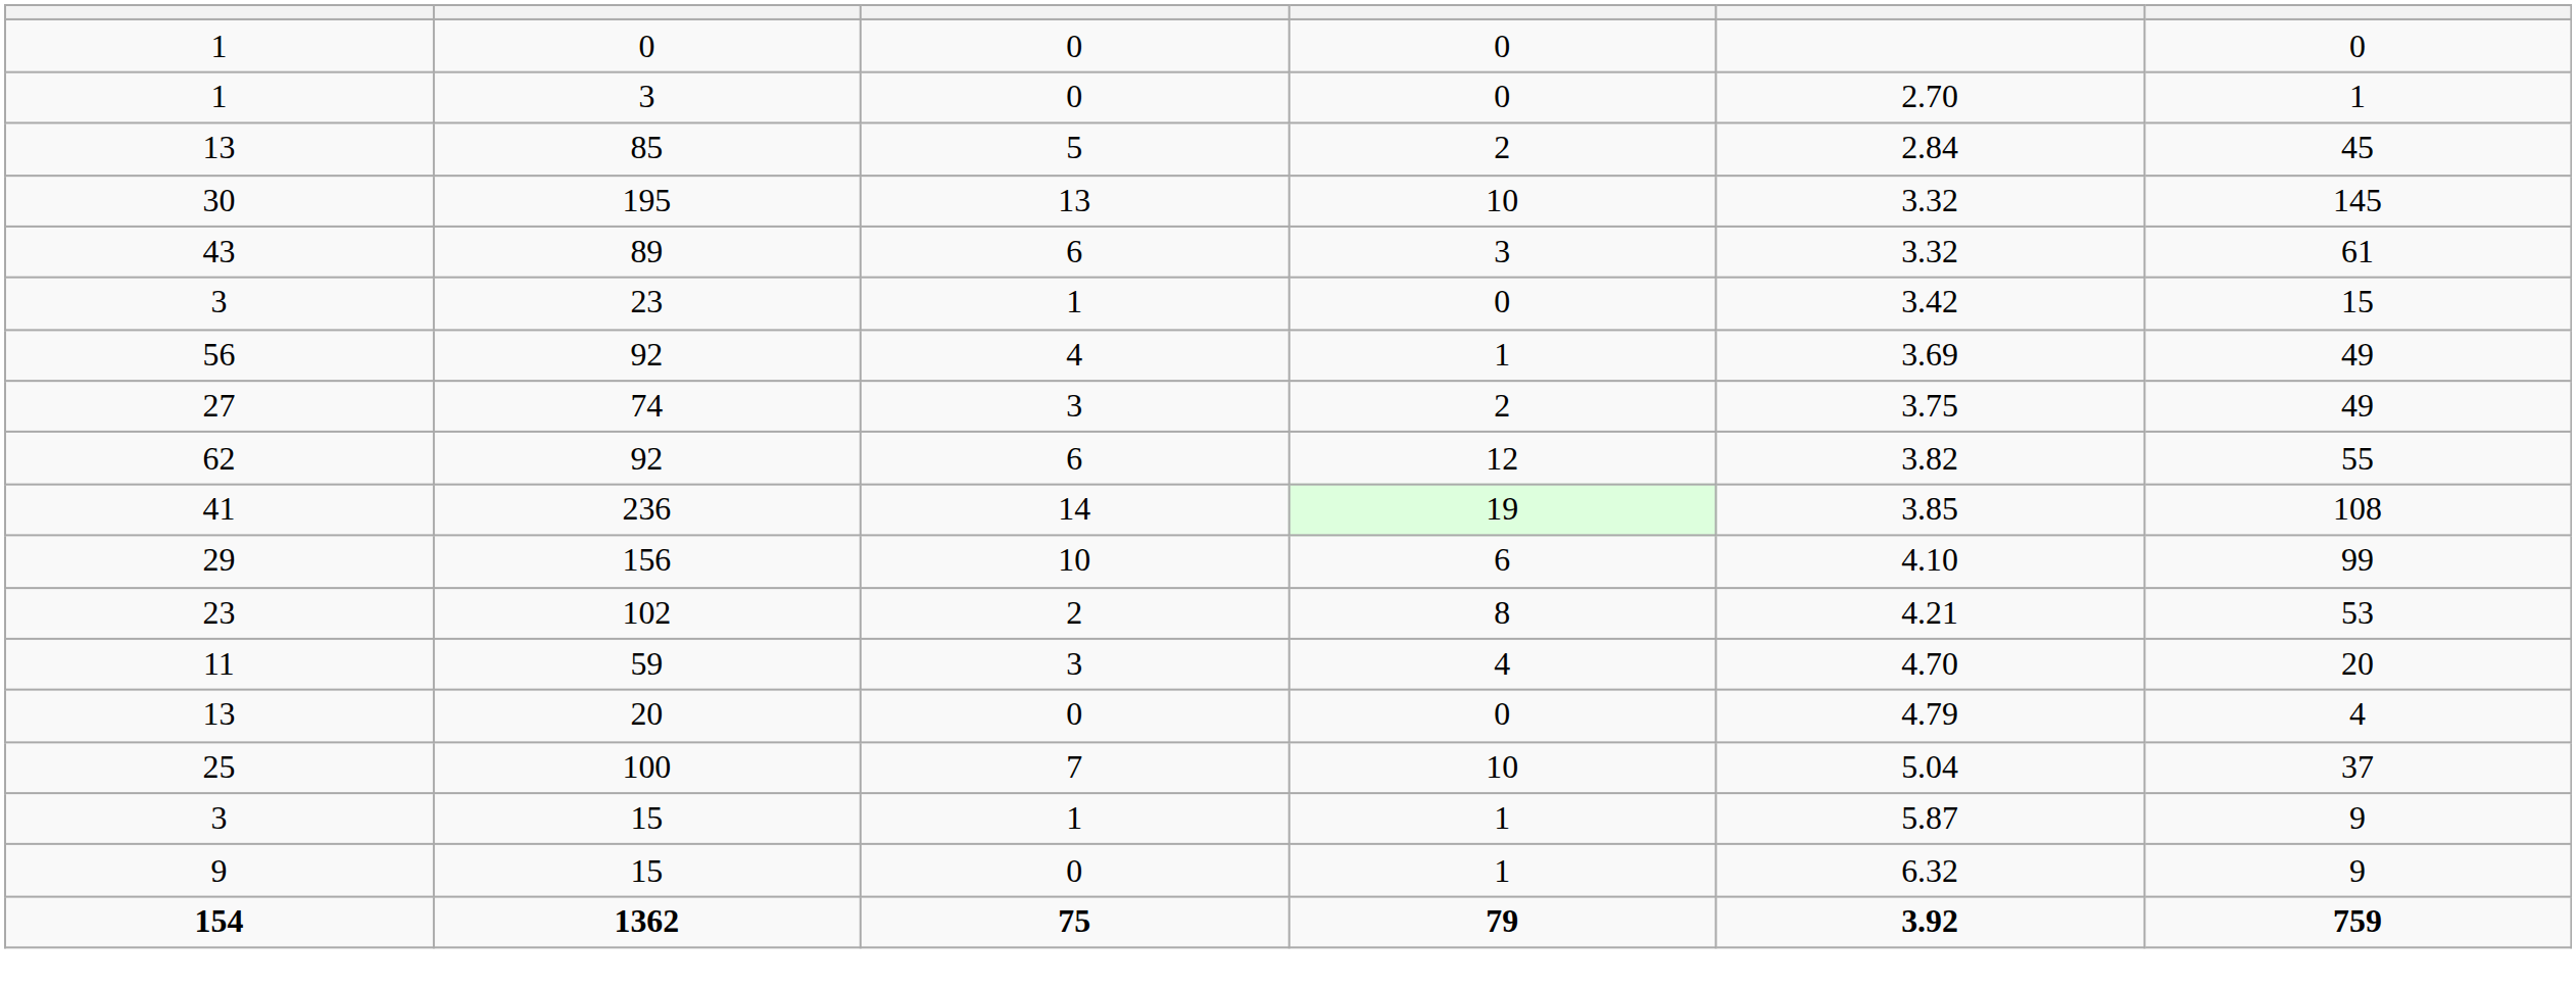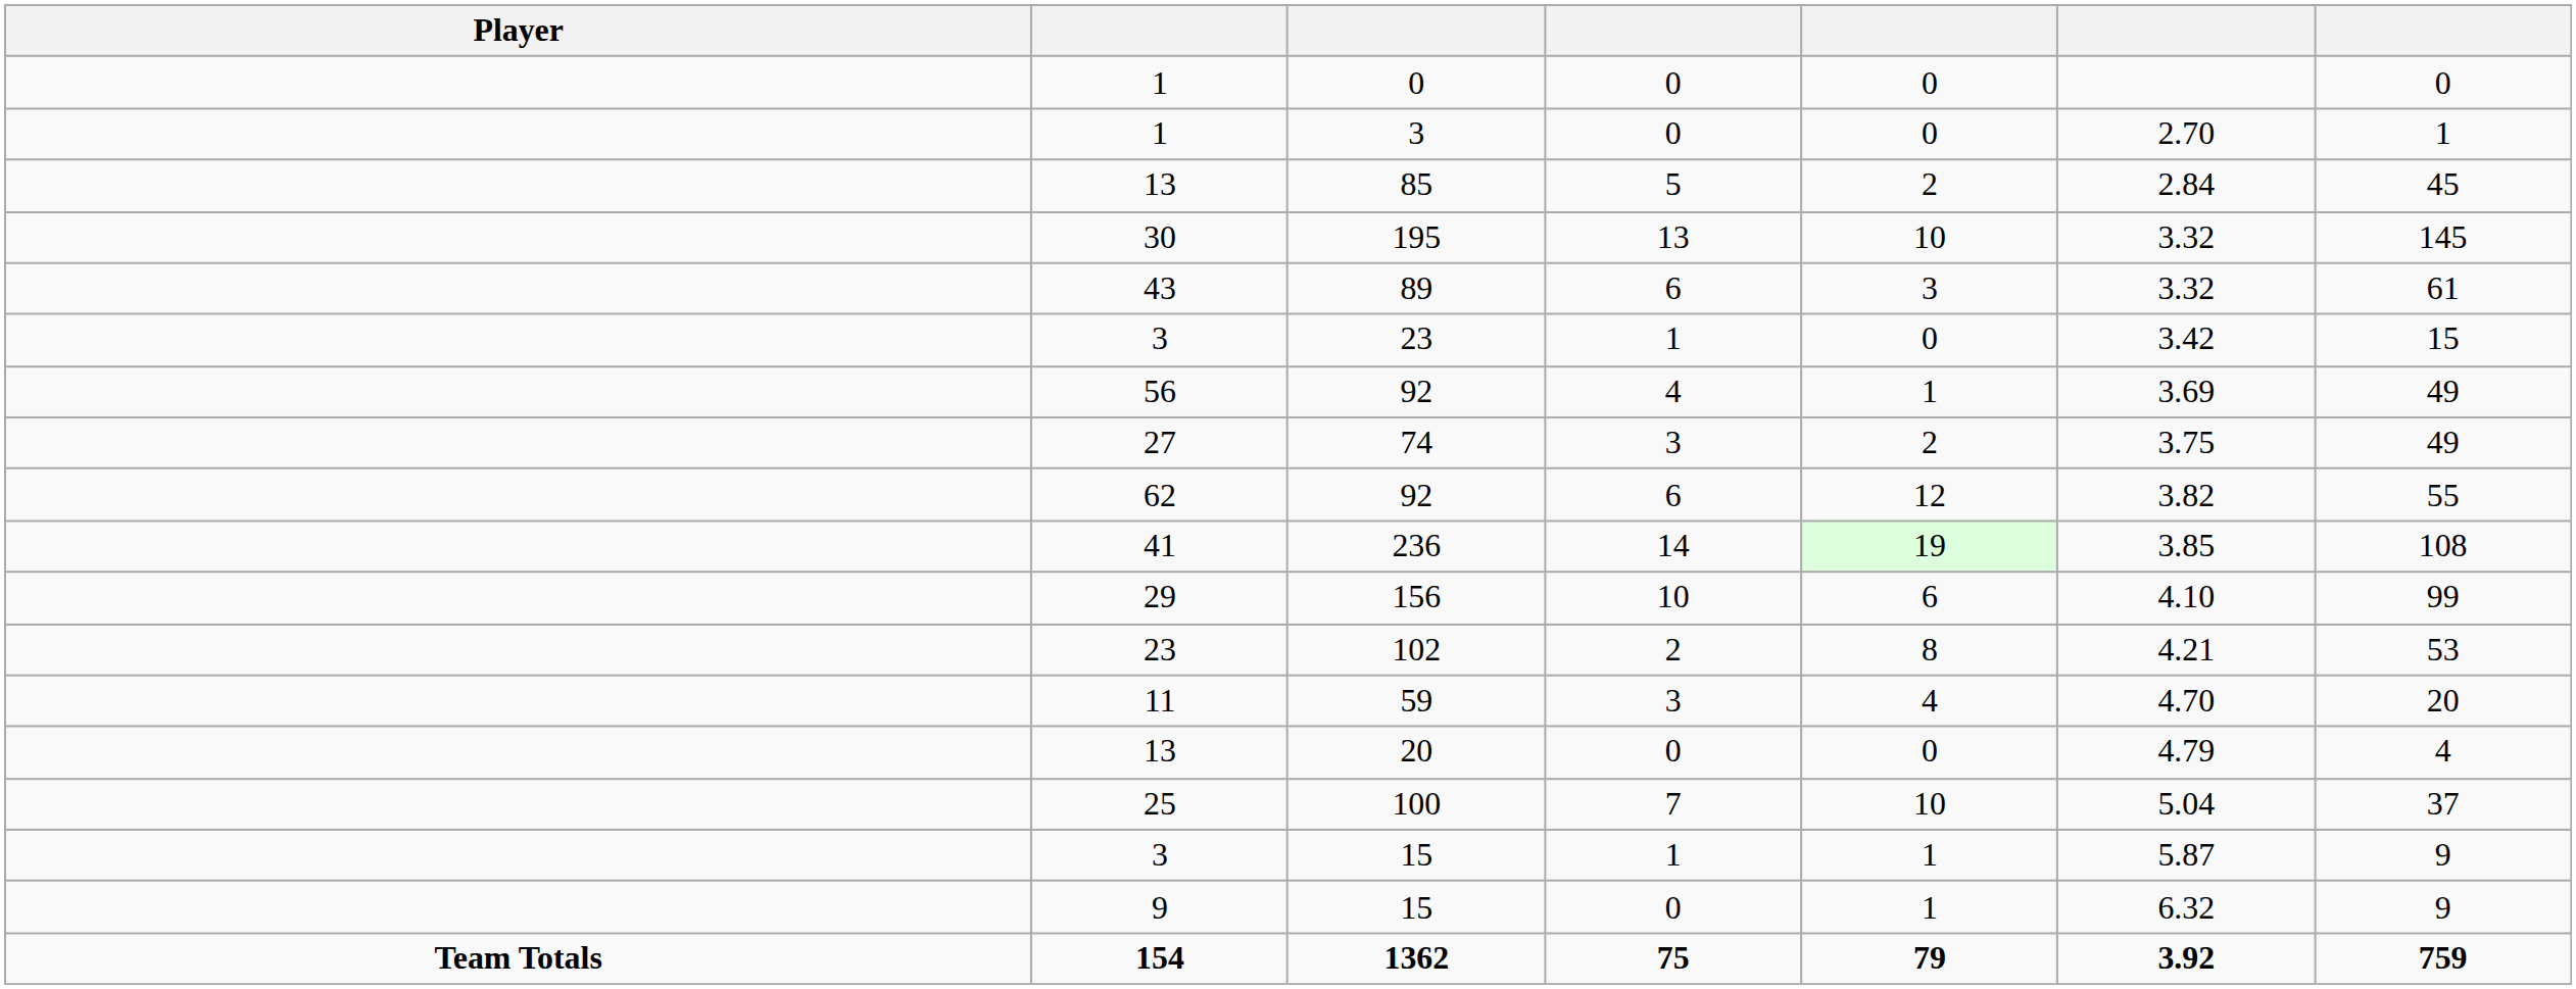 <table class="wikitable sortable" style="text-align:center;" width="100%">
 <tr>
+<th width="40%">Player</th>
 <th width="10%"></th>
 <th width="10%" data-sort-type="number"></th>
 <th width="10%"></th>
 <th width="10%"></th>
 <th width="10%"></th>
 <th width="10%"></th>
 </tr>
 <tr>
+<td></td>
 <td>1</td>
 <td>0</td>
 <td>0</td>
 <td>0</td>
 <td></td>
 <td>0</td>
 </tr>
 <tr>
+<td></td>
 <td>1</td>
 <td>3</td>
 <td>0</td>
 <td>0</td>
 <td>2.70</td>
 <td>1</td>
 </tr>
 <tr>
+<td></td>
 <td>13</td>
 <td>85</td>
 <td>5</td>
 <td>2</td>
 <td>2.84</td>
 <td>45</td>
 </tr>
 <tr>
+<td></td>
 <td>30</td>
 <td>195</td>
 <td>13</td>
 <td>10</td>
 <td>3.32</td>
 <td>145</td>
 </tr>
 <tr>
+<td></td>
 <td>43</td>
 <td>89</td>
 <td>6</td>
 <td>3</td>
 <td>3.32</td>
 <td>61</td>
 </tr>
 <tr>
+<td></td>
 <td>3</td>
 <td>23</td>
 <td>1</td>
 <td>0</td>
 <td>3.42</td>
 <td>15</td>
 </tr>
 <tr>
+<td></td>
 <td>56</td>
 <td>92</td>
 <td>4</td>
 <td>1</td>
 <td>3.69</td>
 <td>49</td>
 </tr>
 <tr>
+<td></td>
 <td>27</td>
 <td>74</td>
 <td>3</td>
 <td>2</td>
 <td>3.75</td>
 <td>49</td>
 </tr>
 <tr>
+<td></td>
 <td>62</td>
 <td>92</td>
 <td>6</td>
 <td>12</td>
 <td>3.82</td>
 <td>55</td>
 </tr>
 <tr>
+<td></td>
 <td>41</td>
 <td>236</td>
 <td>14</td>
 <td style="background:#DDFFDD;">19</td>
 <td>3.85</td>
 <td>108</td>
 </tr>
 <tr>
+<td></td>
 <td>29</td>
 <td>156</td>
 <td>10</td>
 <td>6</td>
 <td>4.10</td>
 <td>99</td>
 </tr>
 <tr>
+<td></td>
 <td>23</td>
 <td>102</td>
 <td>2</td>
 <td>8</td>
 <td>4.21</td>
 <td>53</td>
 </tr>
 <tr>
+<td></td>
 <td>11</td>
 <td>59</td>
 <td>3</td>
 <td>4</td>
 <td>4.70</td>
 <td>20</td>
 </tr>
 <tr>
+<td></td>
 <td>13</td>
 <td>20</td>
 <td>0</td>
 <td>0</td>
 <td>4.79</td>
 <td>4</td>
 </tr>
 <tr>
+<td></td>
 <td>25</td>
 <td>100</td>
 <td>7</td>
 <td>10</td>
 <td>5.04</td>
 <td>37</td>
 </tr>
 <tr>
+<td></td>
 <td>3</td>
 <td>15</td>
 <td>1</td>
 <td>1</td>
 <td>5.87</td>
 <td>9</td>
 </tr>
 <tr>
+<td></td>
 <td>9</td>
 <td>15</td>
 <td>0</td>
 <td>1</td>
 <td>6.32</td>
 <td>9</td>
 </tr>
 <tr>
+<td><strong>Team Totals</strong></td>
 <td><strong>154</strong></td>
 <td><strong>1362</strong></td>
 <td><strong>75</strong></td>
 <td><strong>79</strong></td>
 <td><strong>3.92</strong></td>
 <td><strong>759</strong></td>
 </tr>
 </table>
